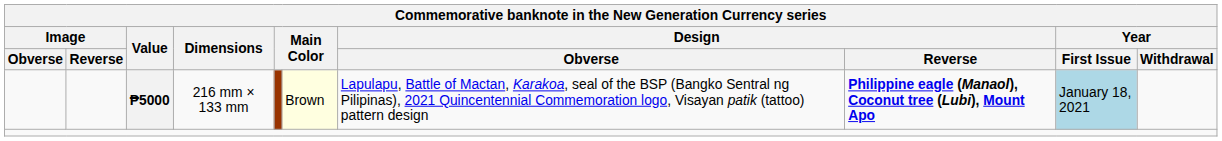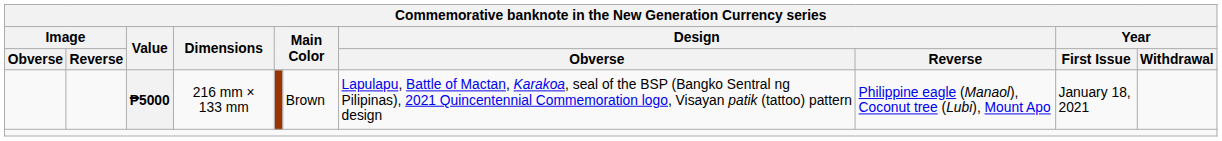 <table class="wikitable"  style="margin:auto; font-size:90%;">
 <tr>
 <th colspan="10">Commemorative banknote in the New Generation Currency series</th>
 </tr>
 <tr>
 <th colspan="2">Image</th>
 <th rowspan="2">Value</th>
 <th rowspan="2">Dimensions</th>
 <th rowspan="2" colspan="2">Main Color</th>
 <th colspan="2">Design</th>
 <th colspan="2">Year</th>
 </tr>
 <tr>
 <th>Obverse</th>
 <th>Reverse</th>
 <th>Obverse</th>
 <th>Reverse</th>
 <th>First Issue</th>
 <th>Withdrawal</th>
 </tr>
 <tr style="height:62px">
 <td style="text-align:center;"></td>
 <td style="text-align:center;"></td>
 <th>₱5000</th>
 <td style="text-align:center;">216 mm × 133 mm</td>
 <td style="text-align:center; background:#993300;"></td>
-<td style="background: lightyellow;">Brown</td>
+<td>Brown</td>
 <td><a href='#'>Lapulapu</a>, <a href='#'>Battle of Mactan</a>, <em><a href='#'>Karakoa</a></em>, seal of the BSP (Bangko Sentral ng Pilipinas), <a href='#'>2021 Quincentennial Commemoration logo</a>, Visayan <em>patik</em> (tattoo) pattern design</td>
-<td><strong><a href='#'>Philippine eagle</a> (<em>Manaol</em>), <a href='#'>Coconut tree</a> (<em>Lubi</em>), <a href='#'>Mount Apo</a></strong></td>
-<td style="background: lightblue;">January 18, 2021</td>
+<td><a href='#'>Philippine eagle</a> (<em>Manaol</em>), <a href='#'>Coconut tree</a> (<em>Lubi</em>), <a href='#'>Mount Apo</a></td>
+<td>January 18, 2021</td>
 <td></td>
 </tr>
 <tr>
 <td colspan="10"></td>
 </tr>
 </table>
